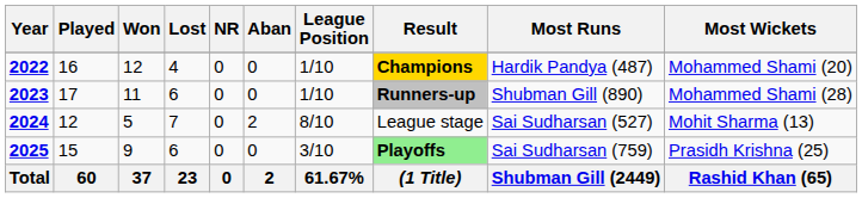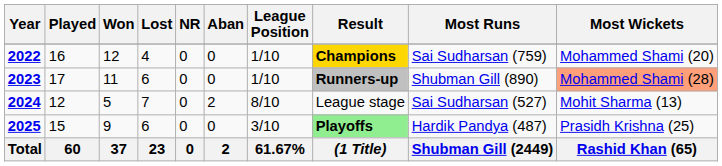 <table class="wikitable sortable defaultcenter col9left col10left">
 <tr>
 <th>Year</th>
 <th>Played</th>
 <th>Won</th>
 <th>Lost</th>
 <th>NR</th>
 <th>Aban</th>
 <th>League<br>Position</th>
 <th>Result</th>
 <th>Most Runs</th>
 <th>Most Wickets</th>
 </tr>
 <tr style="background:#ddeeff">
 </tr>
 <tr>
 <td><a href='#'><strong>2022</strong></a></td>
 <td>16</td>
 <td>12</td>
 <td>4</td>
 <td>0</td>
 <td>0</td>
 <td>1/10</td>
 <td bgcolor="gold"><strong>Champions</strong></td>
-<td><a href='#'>Hardik Pandya</a> (487)</td>
+<td><a href='#'>Sai Sudharsan</a> (759)</td>
 <td><a href='#'>Mohammed Shami</a> (20)</td>
 </tr>
 <tr>
 <td><a href='#'><strong>2023</strong></a></td>
 <td>17</td>
 <td>11</td>
 <td>6</td>
 <td>0</td>
 <td>0</td>
 <td>1/10</td>
 <td bgcolor="silver"><strong>Runners-up</strong></td>
 <td><a href='#'>Shubman Gill</a> (890)</td>
-<td><a href='#'>Mohammed Shami</a> (28)</td>
+<td style="background: lightsalmon;"><a href='#'>Mohammed Shami</a> (28)</td>
 </tr>
 <tr>
 <td><a href='#'><strong>2024</strong></a></td>
 <td>12</td>
 <td>5</td>
 <td>7</td>
 <td>0</td>
 <td>2</td>
 <td>8/10</td>
 <td>League stage</td>
 <td><a href='#'>Sai Sudharsan</a> (527)</td>
 <td><a href='#'>Mohit Sharma</a> (13)</td>
 </tr>
 <tr>
 <td><a href='#'><strong>2025</strong></a></td>
 <td>15</td>
 <td>9</td>
 <td>6</td>
 <td>0</td>
 <td>0</td>
 <td>3/10</td>
 <td bgcolor="lightgreen"><strong>Playoffs</strong></td>
-<td><a href='#'>Sai Sudharsan</a> (759)</td>
+<td><a href='#'>Hardik Pandya</a> (487)</td>
 <td><a href='#'>Prasidh Krishna</a> (25)</td>
 </tr>
 <tr>
 <th><strong>Total</strong></th>
 <th><strong>60</strong></th>
 <th><strong>37</strong></th>
 <th><strong>23</strong></th>
 <th><strong>0</strong></th>
 <th><strong>2</strong></th>
 <th><strong>61.67%</strong></th>
 <th><strong><em>(1 Title)</em></strong></th>
 <th><a href='#'>Shubman Gill</a> (2449)</th>
 <th><a href='#'>Rashid Khan</a> (65)</th>
 </tr>
 </table>
